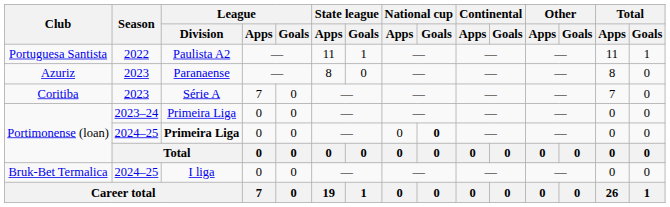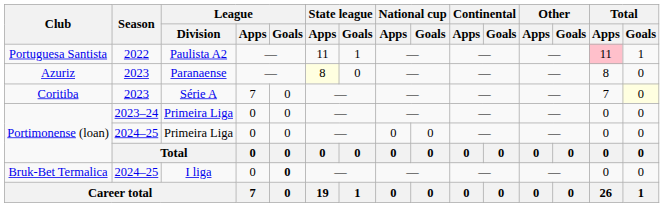 <table class="wikitable" style="text-align: center;">
 <tr>
 <th rowspan="2">Club</th>
 <th rowspan="2">Season</th>
 <th colspan="3">League</th>
 <th colspan="2">State league</th>
 <th colspan="2">National cup</th>
 <th colspan="2">Continental</th>
 <th colspan="2">Other</th>
 <th colspan="2">Total</th>
 </tr>
 <tr>
 <th>Division</th>
 <th>Apps</th>
 <th>Goals</th>
 <th>Apps</th>
 <th>Goals</th>
 <th>Apps</th>
 <th>Goals</th>
 <th>Apps</th>
 <th>Goals</th>
 <th>Apps</th>
 <th>Goals</th>
 <th>Apps</th>
 <th>Goals</th>
 </tr>
 <tr>
 <td><a href='#'>Portuguesa Santista</a></td>
 <td><a href='#'>2022</a></td>
 <td><a href='#'>Paulista A2</a></td>
 <td colspan="2">—</td>
 <td>11</td>
 <td>1</td>
 <td colspan="2">—</td>
 <td colspan="2">—</td>
 <td colspan="2">—</td>
-<td>11</td>
+<td style="background: pink;">11</td>
 <td>1</td>
 </tr>
 <tr>
 <td><a href='#'>Azuriz</a></td>
 <td><a href='#'>2023</a></td>
 <td><a href='#'>Paranaense</a></td>
 <td colspan="2">—</td>
-<td>8</td>
+<td style="background: lightyellow;">8</td>
 <td>0</td>
 <td colspan="2">—</td>
 <td colspan="2">—</td>
 <td colspan="2">—</td>
 <td>8</td>
 <td>0</td>
 </tr>
 <tr>
 <td><a href='#'>Coritiba</a></td>
 <td><a href='#'>2023</a></td>
 <td><a href='#'>Série A</a></td>
 <td>7</td>
 <td>0</td>
 <td colspan="2">—</td>
 <td colspan="2">—</td>
 <td colspan="2">—</td>
 <td colspan="2">—</td>
 <td>7</td>
-<td>0</td>
+<td style="background: lightyellow;">0</td>
 </tr>
 <tr>
 <td rowspan="3"><a href='#'>Portimonense</a> (loan)</td>
 <td><a href='#'>2023–24</a></td>
 <td><a href='#'>Primeira Liga</a></td>
 <td>0</td>
 <td>0</td>
 <td colspan="2">—</td>
 <td colspan="2">—</td>
 <td colspan="2">—</td>
 <td colspan="2">—</td>
 <td>0</td>
 <td>0</td>
 </tr>
 <tr>
 <td><a href='#'>2024–25</a></td>
-<td><strong>Primeira Liga</strong></td>
+<td>Primeira Liga</td>
 <td>0</td>
 <td>0</td>
 <td colspan="2">—</td>
 <td>0</td>
-<td><strong>0</strong></td>
+<td>0</td>
 <td colspan="2">—</td>
 <td colspan="2">—</td>
 <td>0</td>
 <td>0</td>
 </tr>
 <tr>
 <th colspan="2"><strong>Total</strong></th>
 <th>0</th>
 <th>0</th>
 <th>0</th>
 <th>0</th>
 <th>0</th>
 <th>0</th>
 <th>0</th>
 <th>0</th>
 <th>0</th>
 <th>0</th>
 <th>0</th>
 <th>0</th>
 </tr>
 <tr>
 <td><a href='#'>Bruk-Bet Termalica</a></td>
 <td><a href='#'>2024–25</a></td>
 <td><a href='#'>I liga</a></td>
 <td>0</td>
-<td>0</td>
+<td><strong>0</strong></td>
 <td colspan="2">—</td>
 <td colspan="2">—</td>
 <td colspan="2">—</td>
 <td colspan="2">—</td>
 <td>0</td>
 <td>0</td>
 </tr>
 <tr>
 <th colspan="3"><strong>Career total</strong></th>
 <th>7</th>
 <th>0</th>
 <th>19</th>
 <th>1</th>
 <th>0</th>
 <th>0</th>
 <th>0</th>
 <th>0</th>
 <th>0</th>
 <th>0</th>
 <th>26</th>
 <th>1</th>
 </tr>
 </table>
